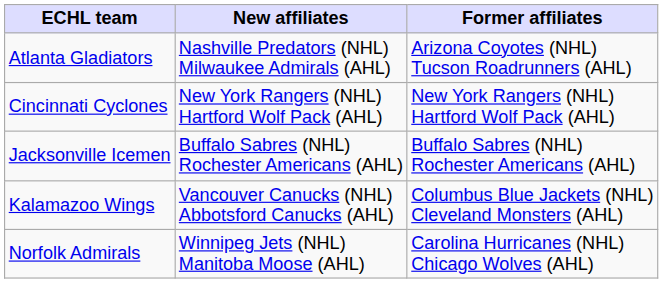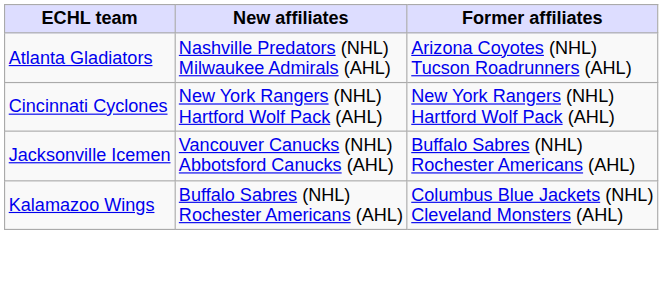 <table class="wikitable">
 <tr>
 <th style="background:#ddf">ECHL team</th>
 <th style="background:#ddf">New affiliates</th>
 <th style="background:#ddf">Former affiliates</th>
 </tr>
 <tr>
 <td><a href='#'>Atlanta Gladiators</a></td>
 <td><a href='#'>Nashville Predators</a> (NHL)<br> <a href='#'>Milwaukee Admirals</a> (AHL)</td>
 <td><a href='#'>Arizona Coyotes</a> (NHL)<br> <a href='#'>Tucson Roadrunners</a> (AHL)</td>
 </tr>
 <tr>
 <td><a href='#'>Cincinnati Cyclones</a></td>
 <td><a href='#'>New York Rangers</a> (NHL)<br> <a href='#'>Hartford Wolf Pack</a> (AHL)</td>
 <td><a href='#'>New York Rangers</a> (NHL)<br> <a href='#'>Hartford Wolf Pack</a> (AHL)</td>
 </tr>
 <tr>
 <td><a href='#'>Jacksonville Icemen</a></td>
-<td><a href='#'>Buffalo Sabres</a> (NHL)<br> <a href='#'>Rochester Americans</a> (AHL)</td>
+<td><a href='#'>Vancouver Canucks</a> (NHL)<br> <a href='#'>Abbotsford Canucks</a> (AHL)</td>
 <td><a href='#'>Buffalo Sabres</a> (NHL)<br> <a href='#'>Rochester Americans</a> (AHL)</td>
 </tr>
 <tr>
 <td><a href='#'>Kalamazoo Wings</a></td>
-<td><a href='#'>Vancouver Canucks</a> (NHL)<br> <a href='#'>Abbotsford Canucks</a> (AHL)</td>
+<td><a href='#'>Buffalo Sabres</a> (NHL)<br> <a href='#'>Rochester Americans</a> (AHL)</td>
 <td><a href='#'>Columbus Blue Jackets</a> (NHL)<br> <a href='#'>Cleveland Monsters</a> (AHL)</td>
 </tr>
-<tr>
-<td><a href='#'>Norfolk Admirals</a></td>
-<td><a href='#'>Winnipeg Jets</a> (NHL)<br> <a href='#'>Manitoba Moose</a> (AHL)</td>
-<td><a href='#'>Carolina Hurricanes</a> (NHL) <br> <a href='#'>Chicago Wolves</a> (AHL)</td>
-</tr>
 </table>
